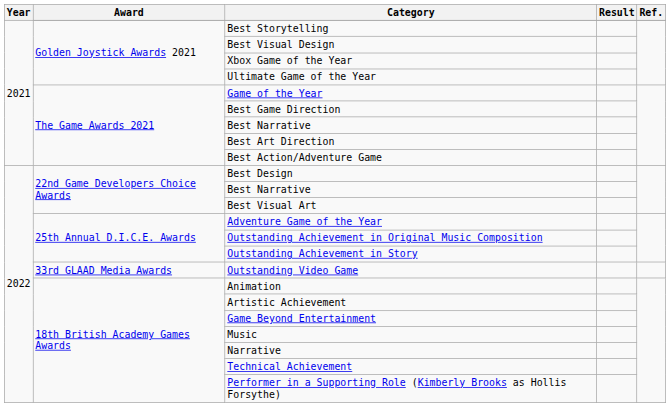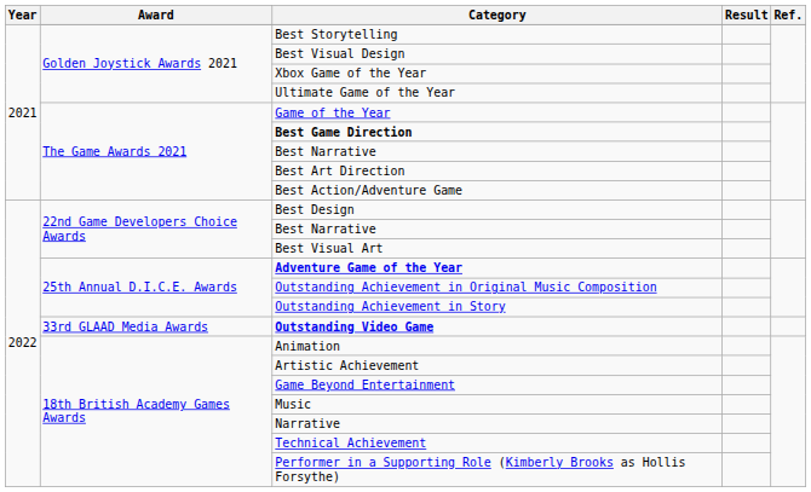 <table class="wikitable sortable">
 <tr>
 <th>Year</th>
 <th>Award</th>
 <th>Category</th>
 <th>Result</th>
 <th>Ref.</th>
 </tr>
 <tr>
 <td rowspan="10" style="text-align:center;">2021</td>
 </tr>
 <tr>
 <td rowspan="4"><a href='#'>Golden Joystick Awards</a> 2021</td>
 <td>Best Storytelling</td>
 <td></td>
 <td rowspan="4" style="text-align:center;"></td>
 </tr>
 <tr>
 <td>Best Visual Design</td>
 <td></td>
 </tr>
 <tr>
 <td>Xbox Game of the Year</td>
 <td></td>
 </tr>
 <tr>
 <td>Ultimate Game of the Year</td>
 <td></td>
 </tr>
 <tr>
 <td rowspan="5"><a href='#'>The Game Awards 2021</a></td>
 <td><a href='#'>Game of the Year</a></td>
 <td></td>
 <td rowspan="5" style="text-align:center;"></td>
 </tr>
 <tr>
-<td>Best Game Direction</td>
+<td><strong>Best Game Direction</strong></td>
 <td></td>
 </tr>
 <tr>
 <td>Best Narrative</td>
 <td></td>
 </tr>
 <tr>
 <td>Best Art Direction</td>
 <td></td>
 </tr>
 <tr>
 <td>Best Action/Adventure Game</td>
 <td></td>
 </tr>
 <tr>
 <td rowspan="14">2022</td>
 <td rowspan="3"><a href='#'>22nd Game Developers Choice Awards</a></td>
 <td>Best Design</td>
 <td></td>
 <td rowspan="3" style="text-align:center;"></td>
 </tr>
 <tr>
 <td>Best Narrative</td>
 <td></td>
 </tr>
 <tr>
 <td>Best Visual Art</td>
 <td></td>
 </tr>
 <tr>
 <td rowspan="3"><a href='#'>25th Annual D.I.C.E. Awards</a></td>
-<td><a href='#'>Adventure Game of the Year</a></td>
+<td><strong><a href='#'>Adventure Game of the Year</a></strong></td>
 <td></td>
 <td rowspan="3" style="text-align:center;"></td>
 </tr>
 <tr>
 <td><a href='#'>Outstanding Achievement in Original Music Composition</a></td>
 <td></td>
 </tr>
 <tr>
 <td><a href='#'>Outstanding Achievement in Story</a></td>
 <td></td>
 </tr>
 <tr>
 <td><a href='#'>33rd GLAAD Media Awards</a></td>
-<td><a href='#'>Outstanding Video Game</a></td>
+<td><strong><a href='#'>Outstanding Video Game</a></strong></td>
 <td></td>
 <td style="text-align:center;"></td>
 </tr>
 <tr>
 <td rowspan="7"><a href='#'>18th British Academy Games Awards</a></td>
 <td>Animation</td>
 <td></td>
 <td rowspan="7" style="text-align:center;"></td>
 </tr>
 <tr>
 <td>Artistic Achievement</td>
 <td></td>
 </tr>
 <tr>
 <td><a href='#'>Game Beyond Entertainment</a></td>
 <td></td>
 </tr>
 <tr>
 <td>Music</td>
 <td></td>
 </tr>
 <tr>
 <td>Narrative</td>
 <td></td>
 </tr>
 <tr>
 <td><a href='#'>Technical Achievement</a></td>
 <td></td>
 </tr>
 <tr>
 <td><a href='#'>Performer in a Supporting Role</a> (<a href='#'>Kimberly Brooks</a> as Hollis Forsythe)</td>
 <td></td>
 </tr>
 </table>
